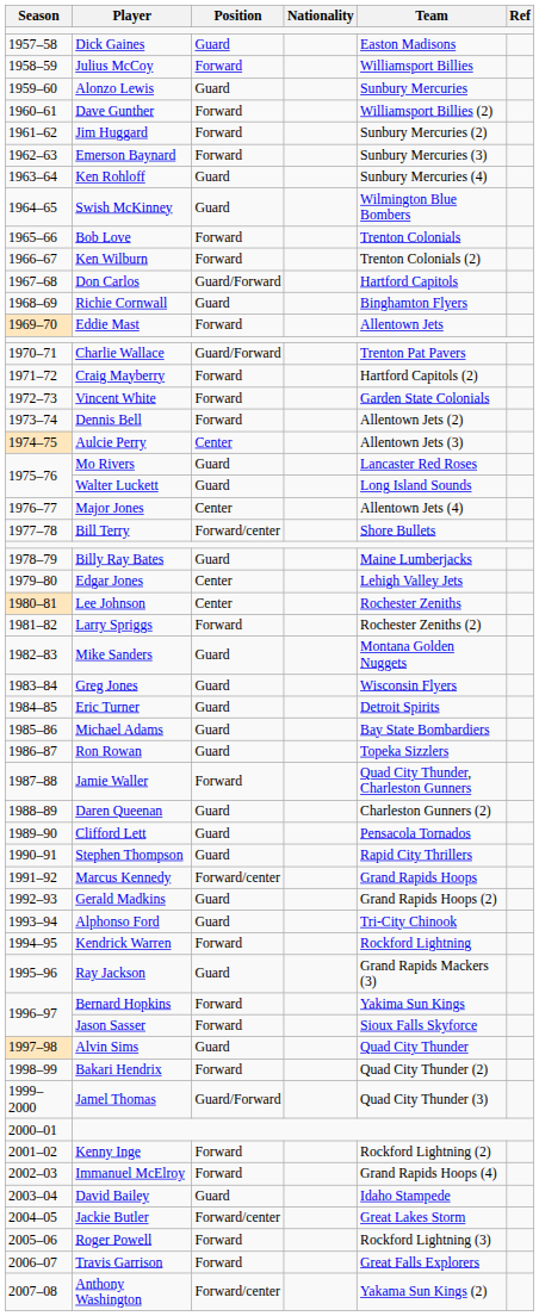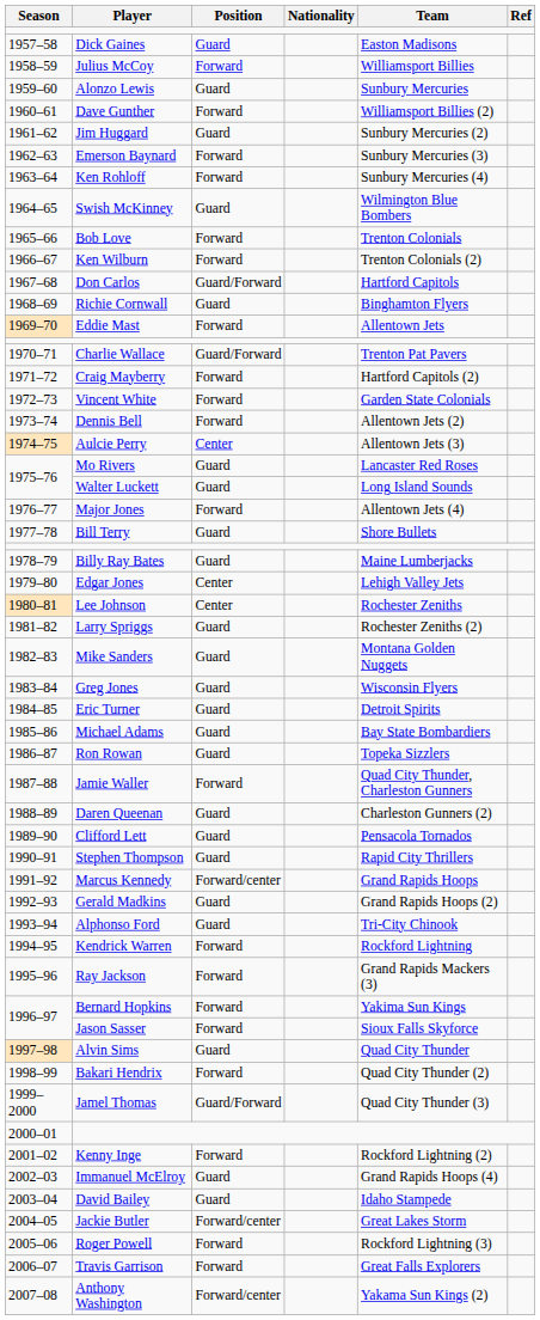 <table class="wikitable plainrowheaders sortable" summary="Season (sortable), Player (sortable), Position (sortable), Nationality (sortable), Team (sortable), Ref (unsortable)">
 <tr>
 <th scope="col">Season</th>
 <th scope="col">Player</th>
 <th scope="col">Position</th>
 <th scope="col">Nationality</th>
 <th scope="col">Team</th>
 <th scope="col">Ref</th>
 </tr>
 <tr>
 <td colspan="7" style="text-align: center;"></td>
 </tr>
 <tr>
 <td>1957–58</td>
 <td><a href='#'>Dick Gaines</a></td>
 <td><a href='#'>Guard</a></td>
 <td></td>
 <td><a href='#'>Easton Madisons</a></td>
 <td></td>
 </tr>
 <tr>
 <td>1958–59</td>
 <td><a href='#'>Julius McCoy</a></td>
 <td><a href='#'>Forward</a></td>
 <td></td>
 <td><a href='#'>Williamsport Billies</a></td>
 <td></td>
 </tr>
 <tr>
 <td>1959–60</td>
 <td><a href='#'>Alonzo Lewis</a></td>
 <td>Guard</td>
 <td></td>
 <td><a href='#'>Sunbury Mercuries</a></td>
 <td></td>
 </tr>
 <tr>
 <td>1960–61</td>
 <td><a href='#'>Dave Gunther</a></td>
 <td>Forward</td>
 <td></td>
 <td><a href='#'>Williamsport Billies</a> (2)</td>
 <td></td>
 </tr>
 <tr>
 <td>1961–62</td>
 <td><a href='#'>Jim Huggard</a></td>
-<td>Forward</td>
+<td>Guard</td>
 <td></td>
 <td>Sunbury Mercuries (2)</td>
 <td></td>
 </tr>
 <tr>
 <td>1962–63</td>
 <td><a href='#'>Emerson Baynard</a></td>
 <td>Forward</td>
 <td></td>
 <td>Sunbury Mercuries (3)</td>
 <td></td>
 </tr>
 <tr>
 <td>1963–64</td>
 <td><a href='#'>Ken Rohloff</a></td>
-<td>Guard</td>
+<td>Forward</td>
 <td></td>
 <td>Sunbury Mercuries (4)</td>
 <td></td>
 </tr>
 <tr>
 <td>1964–65</td>
 <td><a href='#'>Swish McKinney</a></td>
 <td>Guard</td>
 <td></td>
 <td><a href='#'>Wilmington Blue Bombers</a></td>
 <td></td>
 </tr>
 <tr>
 <td>1965–66</td>
 <td><a href='#'>Bob Love</a></td>
 <td>Forward</td>
 <td></td>
 <td><a href='#'>Trenton Colonials</a></td>
 <td></td>
 </tr>
 <tr>
 <td>1966–67</td>
 <td><a href='#'>Ken Wilburn</a></td>
 <td>Forward</td>
 <td></td>
 <td>Trenton Colonials (2)</td>
 <td></td>
 </tr>
 <tr>
 <td>1967–68</td>
 <td><a href='#'>Don Carlos</a></td>
 <td>Guard/Forward</td>
 <td></td>
 <td><a href='#'>Hartford Capitols</a></td>
 <td></td>
 </tr>
 <tr>
 <td>1968–69</td>
 <td><a href='#'>Richie Cornwall</a></td>
 <td>Guard</td>
 <td></td>
 <td><a href='#'>Binghamton Flyers</a></td>
 <td></td>
 </tr>
 <tr>
 <td style="background-color:#FFE6BD; border:1px solid #aaaaaa;">1969–70</td>
 <td><a href='#'>Eddie Mast</a></td>
 <td>Forward</td>
 <td></td>
 <td><a href='#'>Allentown Jets</a></td>
 <td></td>
 </tr>
 <tr>
 <td colspan="7" style="text-align: center;"></td>
 </tr>
 <tr>
 <td>1970–71</td>
 <td><a href='#'>Charlie Wallace</a></td>
 <td>Guard/Forward</td>
 <td></td>
 <td><a href='#'>Trenton Pat Pavers</a></td>
 <td></td>
 </tr>
 <tr>
 <td>1971–72</td>
 <td><a href='#'>Craig Mayberry</a></td>
 <td>Forward</td>
 <td></td>
 <td>Hartford Capitols (2)</td>
 <td></td>
 </tr>
 <tr>
 <td>1972–73</td>
 <td><a href='#'>Vincent White</a></td>
 <td>Forward</td>
 <td></td>
 <td><a href='#'>Garden State Colonials</a></td>
 <td></td>
 </tr>
 <tr>
 <td>1973–74</td>
 <td><a href='#'>Dennis Bell</a></td>
 <td>Forward</td>
 <td></td>
 <td>Allentown Jets (2)</td>
 <td></td>
 </tr>
 <tr>
 <td style="background-color:#FFE6BD; border:1px solid #aaaaaa;">1974–75</td>
 <td><a href='#'>Aulcie Perry</a></td>
 <td><a href='#'>Center</a></td>
 <td></td>
 <td>Allentown Jets (3)</td>
 <td></td>
 </tr>
 <tr>
 <td rowspan=2>1975–76</td>
 <td><a href='#'>Mo Rivers</a></td>
 <td>Guard</td>
 <td></td>
 <td><a href='#'>Lancaster Red Roses</a></td>
 <td></td>
 </tr>
 <tr>
 <td><a href='#'>Walter Luckett</a></td>
 <td>Guard</td>
 <td></td>
 <td><a href='#'>Long Island Sounds</a></td>
 <td></td>
 </tr>
 <tr>
 <td>1976–77</td>
 <td><a href='#'>Major Jones</a></td>
-<td>Center</td>
+<td>Forward</td>
 <td></td>
 <td>Allentown Jets (4)</td>
 <td></td>
 </tr>
 <tr>
 <td>1977–78</td>
 <td><a href='#'>Bill Terry</a></td>
-<td>Forward/center</td>
+<td>Guard</td>
 <td></td>
 <td><a href='#'>Shore Bullets</a></td>
 <td></td>
 </tr>
 <tr>
 <td colspan="7" style="text-align: center;"></td>
 </tr>
 <tr>
 <td>1978–79</td>
 <td><a href='#'>Billy Ray Bates</a></td>
 <td>Guard</td>
 <td></td>
 <td><a href='#'>Maine Lumberjacks</a></td>
 <td></td>
 </tr>
 <tr>
 <td>1979–80</td>
 <td><a href='#'>Edgar Jones</a></td>
 <td>Center</td>
 <td></td>
 <td><a href='#'>Lehigh Valley Jets</a></td>
 <td></td>
 </tr>
 <tr>
 <td style="background-color:#FFE6BD; border:1px solid #aaaaaa;">1980–81</td>
 <td><a href='#'>Lee Johnson</a></td>
 <td>Center</td>
 <td></td>
 <td><a href='#'>Rochester Zeniths</a></td>
 <td></td>
 </tr>
 <tr>
 <td>1981–82</td>
 <td><a href='#'>Larry Spriggs</a></td>
-<td>Forward</td>
+<td>Guard</td>
 <td></td>
 <td>Rochester Zeniths (2)</td>
 <td></td>
 </tr>
 <tr>
 <td>1982–83</td>
 <td><a href='#'>Mike Sanders</a></td>
 <td>Guard</td>
 <td></td>
 <td><a href='#'>Montana Golden Nuggets</a></td>
 <td></td>
 </tr>
 <tr>
 <td>1983–84</td>
 <td><a href='#'>Greg Jones</a></td>
 <td>Guard</td>
 <td></td>
 <td><a href='#'>Wisconsin Flyers</a></td>
 <td></td>
 </tr>
 <tr>
 <td>1984–85</td>
 <td><a href='#'>Eric Turner</a></td>
 <td>Guard</td>
 <td></td>
 <td><a href='#'>Detroit Spirits</a></td>
 <td></td>
 </tr>
 <tr>
 <td>1985–86</td>
 <td><a href='#'>Michael Adams</a></td>
 <td>Guard</td>
 <td></td>
 <td><a href='#'>Bay State Bombardiers</a></td>
 <td></td>
 </tr>
 <tr>
 <td>1986–87</td>
 <td><a href='#'>Ron Rowan</a></td>
 <td>Guard</td>
 <td></td>
 <td><a href='#'>Topeka Sizzlers</a></td>
 <td></td>
 </tr>
 <tr>
 <td>1987–88</td>
 <td><a href='#'>Jamie Waller</a></td>
 <td>Forward</td>
 <td></td>
 <td><a href='#'>Quad City Thunder</a>,<br><a href='#'>Charleston Gunners</a></td>
 <td></td>
 </tr>
 <tr>
 <td>1988–89</td>
 <td><a href='#'>Daren Queenan</a></td>
 <td>Guard</td>
 <td></td>
 <td>Charleston Gunners (2)</td>
 <td></td>
 </tr>
 <tr>
 <td>1989–90</td>
 <td><a href='#'>Clifford Lett</a></td>
 <td>Guard</td>
 <td></td>
 <td><a href='#'>Pensacola Tornados</a></td>
 <td></td>
 </tr>
 <tr>
 <td>1990–91</td>
 <td><a href='#'>Stephen Thompson</a></td>
 <td>Guard</td>
 <td></td>
 <td><a href='#'>Rapid City Thrillers</a></td>
 <td></td>
 </tr>
 <tr>
 <td>1991–92</td>
 <td><a href='#'>Marcus Kennedy</a></td>
 <td>Forward/center</td>
 <td></td>
 <td><a href='#'>Grand Rapids Hoops</a></td>
 <td></td>
 </tr>
 <tr>
 <td>1992–93</td>
 <td><a href='#'>Gerald Madkins</a></td>
 <td>Guard</td>
 <td></td>
 <td>Grand Rapids Hoops (2)</td>
 <td></td>
 </tr>
 <tr>
 <td>1993–94</td>
 <td><a href='#'>Alphonso Ford</a></td>
 <td>Guard</td>
 <td></td>
 <td><a href='#'>Tri-City Chinook</a></td>
 <td></td>
 </tr>
 <tr>
 <td>1994–95</td>
 <td><a href='#'>Kendrick Warren</a></td>
 <td>Forward</td>
 <td></td>
 <td><a href='#'>Rockford Lightning</a></td>
 <td></td>
 </tr>
 <tr>
 <td>1995–96</td>
 <td><a href='#'>Ray Jackson</a></td>
-<td>Guard</td>
+<td>Forward</td>
 <td></td>
 <td>Grand Rapids Mackers (3)</td>
 <td></td>
 </tr>
 <tr>
 <td rowspan=2>1996–97</td>
 <td><a href='#'>Bernard Hopkins</a></td>
 <td>Forward</td>
 <td></td>
 <td><a href='#'>Yakima Sun Kings</a></td>
 <td></td>
 </tr>
 <tr>
 <td><a href='#'>Jason Sasser</a></td>
 <td>Forward</td>
 <td></td>
 <td><a href='#'>Sioux Falls Skyforce</a></td>
 <td></td>
 </tr>
 <tr>
 <td style="background-color:#FFE6BD; border:1px solid #aaaaaa;">1997–98</td>
 <td><a href='#'>Alvin Sims</a></td>
 <td>Guard</td>
 <td></td>
 <td><a href='#'>Quad City Thunder</a></td>
 <td></td>
 </tr>
 <tr>
 <td>1998–99</td>
 <td><a href='#'>Bakari Hendrix</a></td>
 <td>Forward</td>
 <td></td>
 <td>Quad City Thunder (2)</td>
 <td></td>
 </tr>
 <tr>
 <td>1999–2000</td>
 <td><a href='#'>Jamel Thomas</a></td>
 <td>Guard/Forward</td>
 <td></td>
 <td>Quad City Thunder (3)</td>
 <td></td>
 </tr>
 <tr>
 <td>2000–01</td>
 <td colspan="6" style="text-align: center;"></td>
 </tr>
 <tr>
 <td>2001–02</td>
 <td><a href='#'>Kenny Inge</a></td>
 <td>Forward</td>
 <td></td>
 <td>Rockford Lightning (2)</td>
 <td></td>
 </tr>
 <tr>
 <td>2002–03</td>
 <td><a href='#'>Immanuel McElroy</a></td>
-<td>Forward</td>
+<td>Guard</td>
 <td></td>
 <td>Grand Rapids Hoops (4)</td>
 <td></td>
 </tr>
 <tr>
 <td>2003–04</td>
 <td><a href='#'>David Bailey</a></td>
 <td>Guard</td>
 <td></td>
 <td><a href='#'>Idaho Stampede</a></td>
 <td></td>
 </tr>
 <tr>
 <td>2004–05</td>
 <td><a href='#'>Jackie Butler</a></td>
 <td>Forward/center</td>
 <td></td>
 <td><a href='#'>Great Lakes Storm</a></td>
 <td></td>
 </tr>
 <tr>
 <td>2005–06</td>
 <td><a href='#'>Roger Powell</a></td>
 <td>Forward</td>
 <td></td>
 <td>Rockford Lightning (3)</td>
 <td></td>
 </tr>
 <tr>
 <td>2006–07</td>
 <td><a href='#'>Travis Garrison</a></td>
 <td>Forward</td>
 <td></td>
 <td><a href='#'>Great Falls Explorers</a></td>
 <td></td>
 </tr>
 <tr>
 <td>2007–08</td>
 <td><a href='#'>Anthony Washington</a></td>
 <td>Forward/center</td>
 <td></td>
 <td><a href='#'>Yakama Sun Kings</a> (2)</td>
 <td></td>
 </tr>
 </table>
